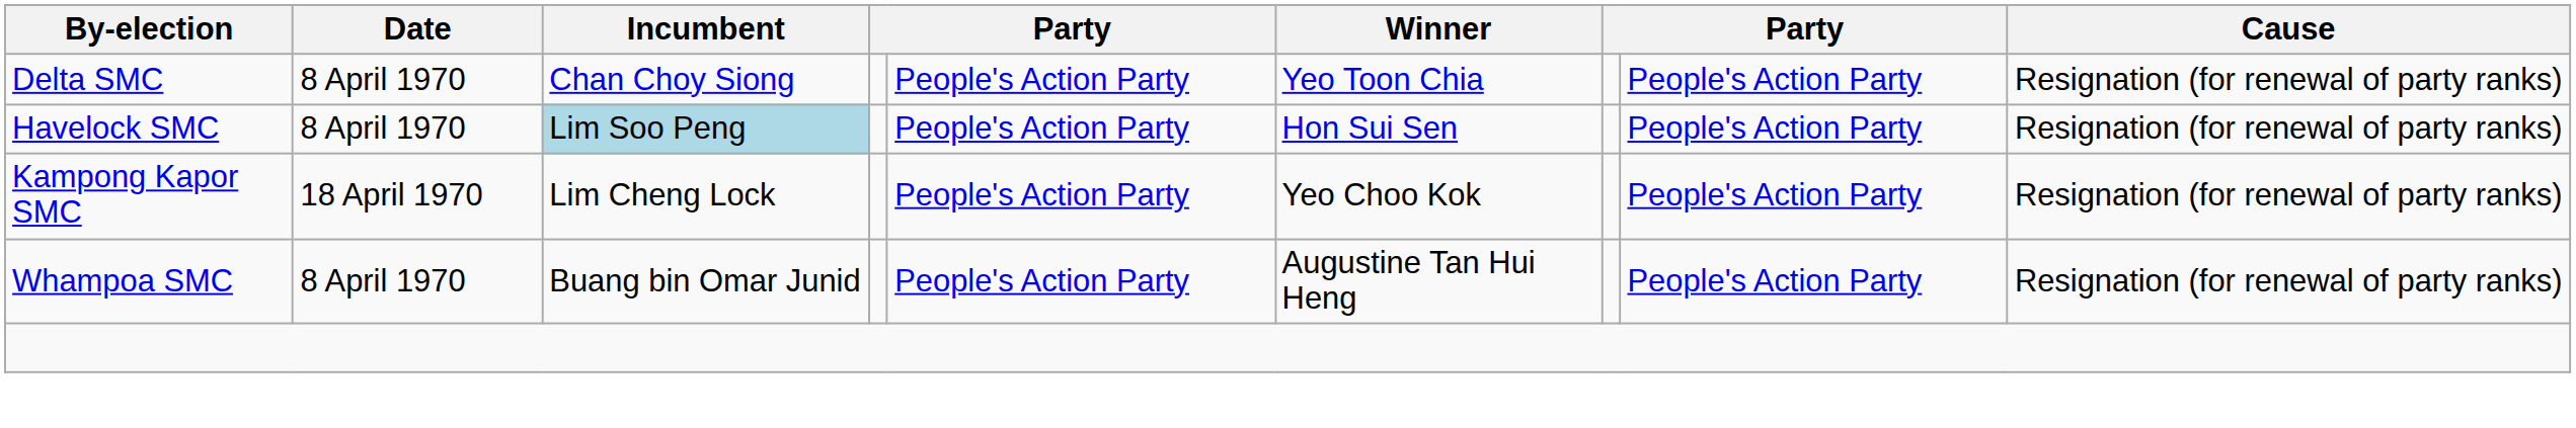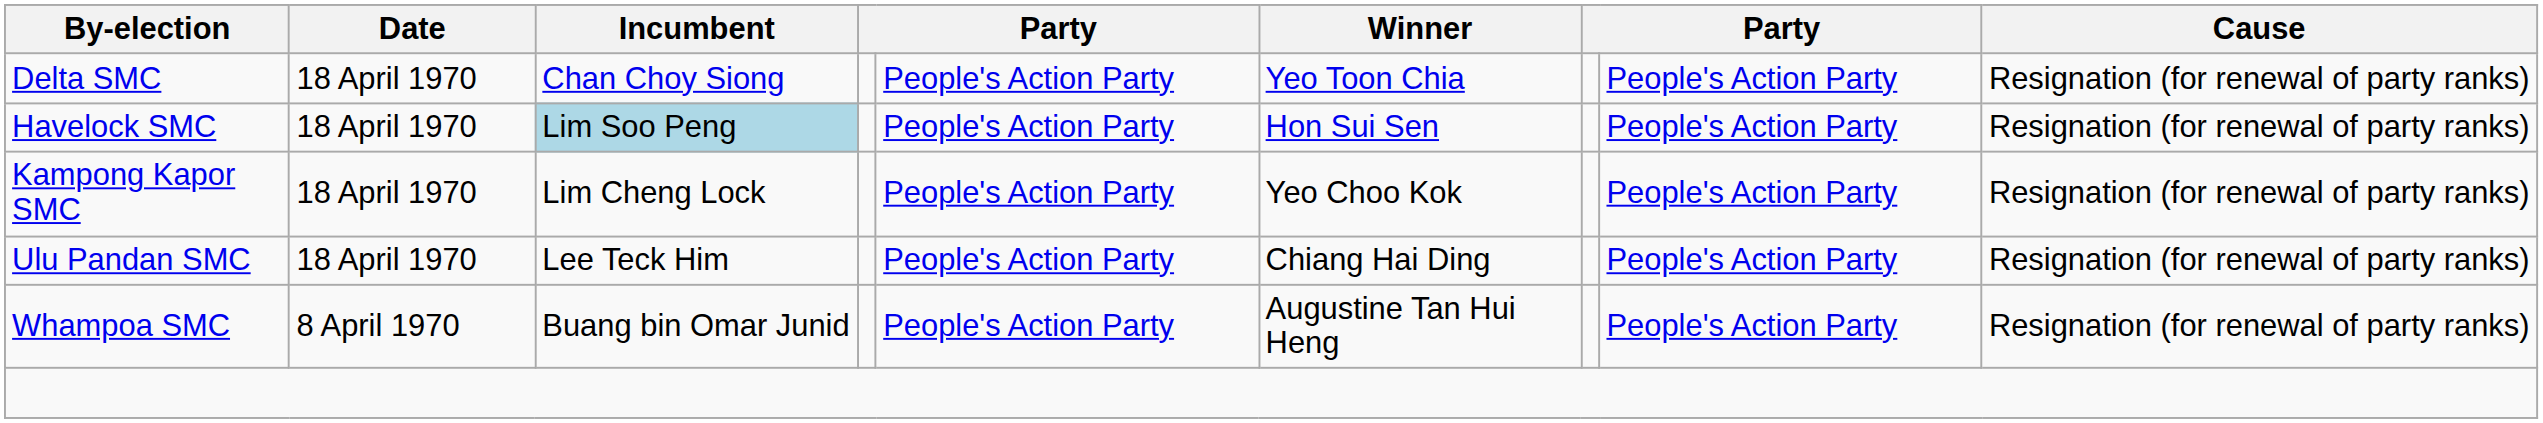 <table class="wikitable">
 <tr>
 <th ! scope="col" width="140px">By-election</th>
 <th ! scope="col" width="120px">Date</th>
 <th ! scope="col" width="160px">Incumbent</th>
 <th ! scope="col" width="200px" colspan=2>Party</th>
 <th ! scope="col" width="160px">Winner</th>
 <th ! scope="col" width="200px" colspan=2>Party</th>
 <th ! scope="col">Cause</th>
 </tr>
 <tr>
 <td><a href='#'>Delta SMC</a></td>
-<td>8 April 1970</td>
+<td>18 April 1970</td>
 <td><a href='#'>Chan Choy Siong</a></td>
 <td></td>
 <td><a href='#'>People's Action Party</a></td>
 <td><a href='#'>Yeo Toon Chia</a></td>
 <td></td>
 <td><a href='#'>People's Action Party</a></td>
 <td>Resignation (for renewal of party ranks)</td>
 </tr>
 <tr>
 <td><a href='#'>Havelock SMC</a></td>
-<td>8 April 1970</td>
+<td>18 April 1970</td>
 <td style="background: lightblue;">Lim Soo Peng</td>
 <td></td>
 <td><a href='#'>People's Action Party</a></td>
 <td><a href='#'>Hon Sui Sen</a></td>
 <td></td>
 <td><a href='#'>People's Action Party</a></td>
 <td>Resignation (for renewal of party ranks)</td>
 </tr>
 <tr>
 <td><a href='#'>Kampong Kapor SMC</a></td>
 <td>18 April 1970</td>
 <td>Lim Cheng Lock</td>
 <td></td>
 <td><a href='#'>People's Action Party</a></td>
 <td>Yeo Choo Kok</td>
 <td></td>
 <td><a href='#'>People's Action Party</a></td>
 <td>Resignation (for renewal of party ranks)</td>
 </tr>
 <tr>
+<td><a href='#'>Ulu Pandan SMC</a></td>
+<td>18 April 1970</td>
+<td>Lee Teck Him</td>
+<td></td>
+<td><a href='#'>People's Action Party</a></td>
+<td>Chiang Hai Ding</td>
+<td></td>
+<td><a href='#'>People's Action Party</a></td>
+<td>Resignation (for renewal of party ranks)</td>
+</tr>
+<tr>
 <td><a href='#'>Whampoa SMC</a></td>
 <td>8 April 1970</td>
 <td>Buang bin Omar Junid</td>
 <td></td>
 <td><a href='#'>People's Action Party</a></td>
 <td>Augustine Tan Hui Heng</td>
 <td></td>
 <td><a href='#'>People's Action Party</a></td>
 <td>Resignation (for renewal of party ranks)</td>
 </tr>
 <tr>
 <td colspan=9><br></td>
 </tr>
 </table>
